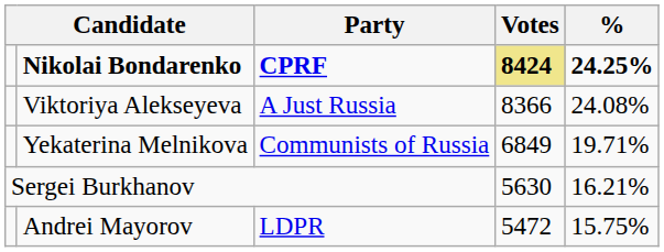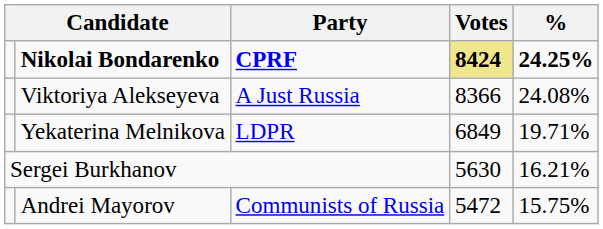 <table class="wikitable sortable">
 <tr>
 <th colspan="2">Candidate</th>
 <th>Party</th>
 <th>Votes</th>
 <th>%</th>
 </tr>
 <tr>
 <td style="background-color: "></td>
 <td><strong>Nikolai Bondarenko</strong></td>
 <td><a href='#'><strong>CPRF</strong></a></td>
 <td style="background: khaki;"><strong>8424</strong></td>
 <td><strong>24.25%</strong></td>
 </tr>
 <tr>
 <td style="background-color: "></td>
 <td>Viktoriya Alekseyeva</td>
 <td><a href='#'>A Just Russia</a></td>
 <td>8366</td>
 <td>24.08%</td>
 </tr>
 <tr>
 <td style="background-color: "></td>
 <td>Yekaterina Melnikova</td>
-<td><a href='#'>Communists of Russia</a></td>
+<td><a href='#'>LDPR</a></td>
 <td>6849</td>
 <td>19.71%</td>
 </tr>
 <tr>
 <td colspan="3">Sergei Burkhanov</td>
 <td>5630</td>
 <td>16.21%</td>
 </tr>
 <tr>
 <td style="background-color: "></td>
 <td>Andrei Mayorov</td>
-<td><a href='#'>LDPR</a></td>
+<td><a href='#'>Communists of Russia</a></td>
 <td>5472</td>
 <td>15.75%</td>
 </tr>
 </table>
